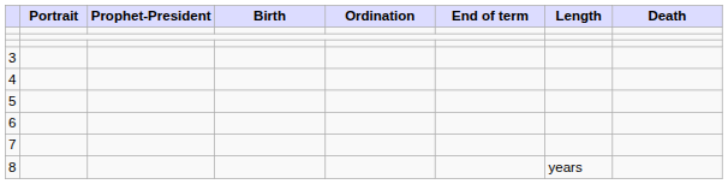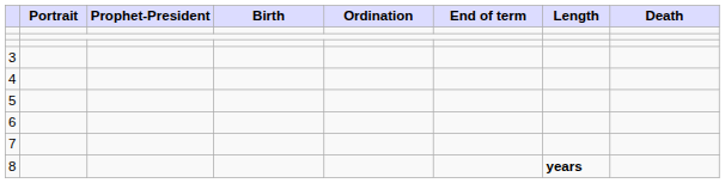 <table class="wikitable">
 <tr>
 <th style="background:#DCDCFF; width:10px"></th>
 <th style="background:#DCDCFF; width:70px">Portrait</th>
 <th style="background:#DCDCFF; width:140px">Prophet-President</th>
 <th style="background:#DCDCFF; width:120px">Birth</th>
 <th style="background:#DCDCFF; width:120px">Ordination</th>
 <th style="background:#DCDCFF; width:120px">End of term</th>
 <th style="background:#DCDCFF; width:70px">Length</th>
 <th style="background:#DCDCFF; width:120px">Death</th>
 </tr>
 <tr>
 <td></td>
 <td></td>
 <td></td>
 <td></td>
 <td></td>
 <td></td>
 <td></td>
 <td></td>
 </tr>
 <tr>
 <td></td>
 <td colspan="5"></td>
 <td></td>
 </tr>
 <tr>
 <td></td>
 <td></td>
 <td></td>
 <td></td>
 <td></td>
 <td></td>
 <td></td>
 <td></td>
 </tr>
 <tr>
 <td>3</td>
 <td></td>
 <td></td>
 <td></td>
 <td></td>
 <td></td>
 <td></td>
 <td></td>
 </tr>
 <tr>
 <td>4</td>
 <td></td>
 <td></td>
 <td></td>
 <td></td>
 <td></td>
 <td></td>
 <td></td>
 </tr>
 <tr>
 <td>5</td>
 <td></td>
 <td></td>
 <td></td>
 <td></td>
 <td></td>
 <td></td>
 <td></td>
 </tr>
 <tr>
 <td>6</td>
 <td></td>
 <td></td>
 <td></td>
 <td></td>
 <td></td>
 <td></td>
 <td></td>
 </tr>
 <tr>
 <td>7</td>
 <td></td>
 <td></td>
 <td></td>
 <td></td>
 <td></td>
 <td></td>
 <td></td>
 </tr>
 <tr>
 <td>8</td>
 <td></td>
 <td></td>
 <td></td>
 <td></td>
 <td></td>
-<td> years</td>
+<td><strong> years</strong></td>
 <td></td>
 </tr>
 </table>
